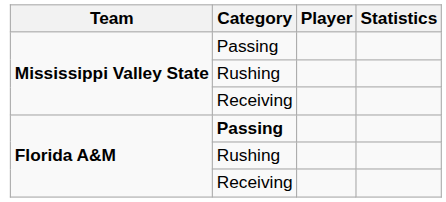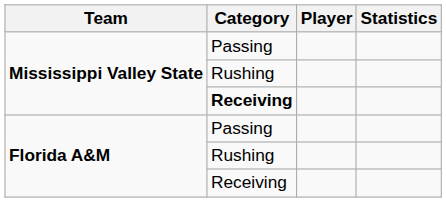 <table class="wikitable" style="float: right;">
 <tr>
 <th>Team</th>
 <th>Category</th>
 <th>Player</th>
 <th>Statistics</th>
 </tr>
 <tr>
 <td rowspan=3><strong>Mississippi Valley State</strong></td>
 <td>Passing</td>
 <td></td>
 <td></td>
 </tr>
 <tr>
 <td>Rushing</td>
 <td></td>
 <td></td>
 </tr>
 <tr>
-<td>Receiving</td>
+<td><strong>Receiving</strong></td>
 <td></td>
 <td></td>
 </tr>
 <tr>
 <td rowspan=3><strong>Florida A&M</strong></td>
-<td><strong>Passing</strong></td>
+<td>Passing</td>
 <td></td>
 <td></td>
 </tr>
 <tr>
 <td>Rushing</td>
 <td></td>
 <td></td>
 </tr>
 <tr>
 <td>Receiving</td>
 <td></td>
 <td></td>
 </tr>
 </table>
